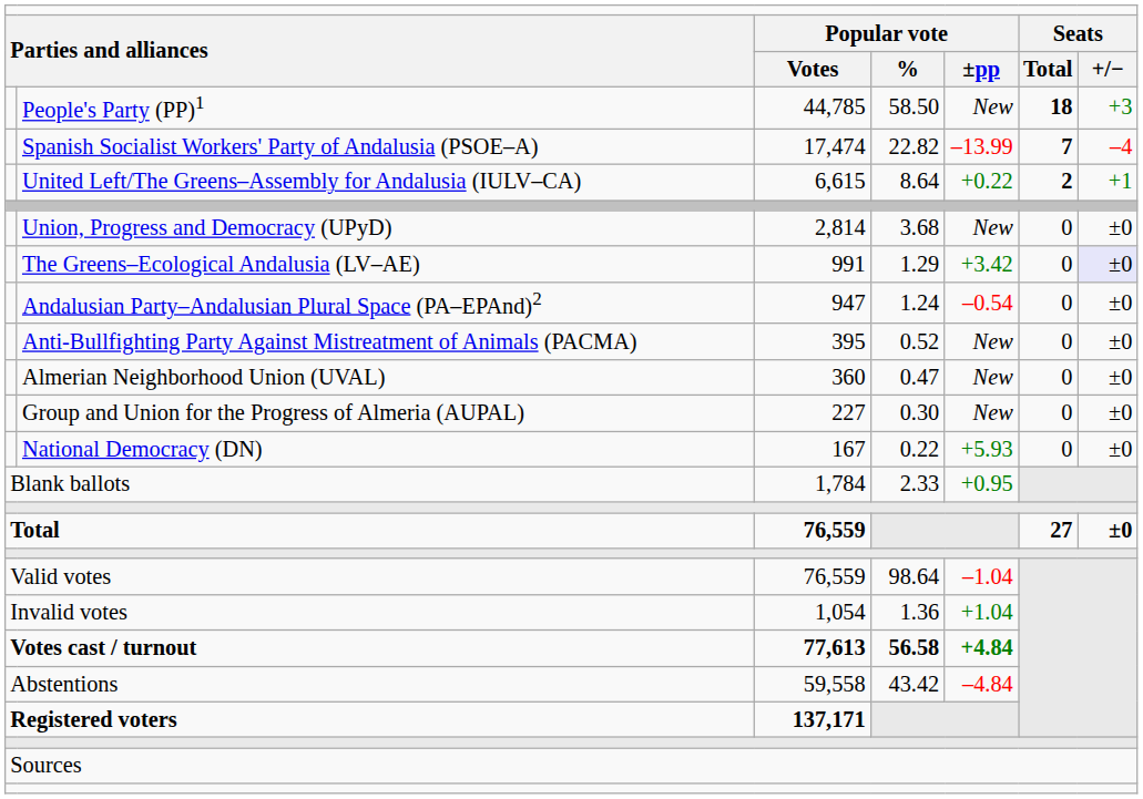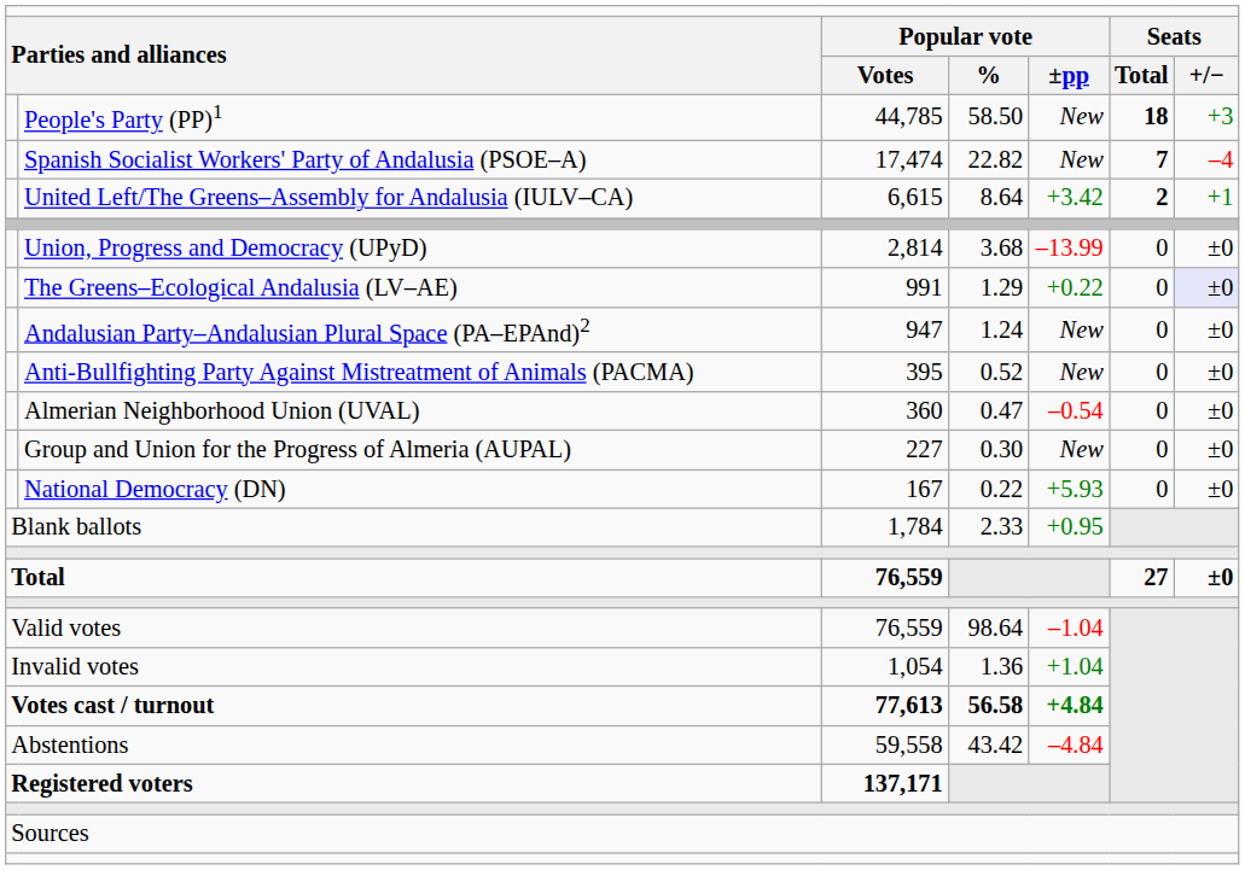 <table class="wikitable" style="text-align:right;">
 <tr>
 <td colspan="7"></td>
 </tr>
 <tr>
 <th style="text-align:left;" rowspan="2" colspan="2" width="525">Parties and alliances</th>
 <th colspan="3">Popular vote</th>
 <th colspan="2">Seats</th>
 </tr>
 <tr>
 <th width="75">Votes</th>
 <th width="45">%</th>
 <th width="45">±<a href='#'>pp</a></th>
 <th width="35">Total</th>
 <th width="35">+/−</th>
 </tr>
 <tr>
 <td width="1" style="color:inherit;background:"></td>
 <td align="left"><a href='#'>People's Party</a> (PP)<sup>1</sup></td>
 <td>44,785</td>
 <td>58.50</td>
 <td><em>New</em></td>
 <td><strong>18</strong></td>
 <td style="color:green;">+3</td>
 </tr>
 <tr>
 <td style="color:inherit;background:"></td>
 <td align="left"><a href='#'>Spanish Socialist Workers' Party of Andalusia</a> (PSOE–A)</td>
 <td>17,474</td>
 <td>22.82</td>
-<td style="color:red;">–13.99</td>
+<td><em>New</em></td>
 <td><strong>7</strong></td>
 <td style="color:red;">–4</td>
 </tr>
 <tr>
 <td style="color:inherit;background:"></td>
 <td align="left"><a href='#'>United Left/The Greens–Assembly for Andalusia</a> (IULV–CA)</td>
 <td>6,615</td>
 <td>8.64</td>
-<td style="color:green;">+0.22</td>
+<td style="color:green;">+3.42</td>
 <td><strong>2</strong></td>
 <td style="color:green;">+1</td>
 </tr>
 <tr>
 <td colspan="7" bgcolor="#C0C0C0"></td>
 </tr>
 <tr>
 <td style="color:inherit;background:"></td>
 <td align="left"><a href='#'>Union, Progress and Democracy</a> (UPyD)</td>
 <td>2,814</td>
 <td>3.68</td>
-<td><em>New</em></td>
+<td style="color:red;">–13.99</td>
 <td>0</td>
 <td>±0</td>
 </tr>
 <tr>
 <td style="color:inherit;background:"></td>
 <td align="left"><a href='#'>The Greens–Ecological Andalusia</a> (LV–AE)</td>
 <td>991</td>
 <td>1.29</td>
-<td style="color:green;">+3.42</td>
+<td style="color:green;">+0.22</td>
 <td>0</td>
 <td style="background: lavender;">±0</td>
 </tr>
 <tr>
 <td style="color:inherit;background:"></td>
 <td align="left"><a href='#'>Andalusian Party–Andalusian Plural Space</a> (PA–EPAnd)<sup>2</sup></td>
 <td>947</td>
 <td>1.24</td>
-<td style="color:red;">–0.54</td>
+<td><em>New</em></td>
 <td>0</td>
 <td>±0</td>
 </tr>
 <tr>
 <td style="color:inherit;background:"></td>
 <td align="left"><a href='#'>Anti-Bullfighting Party Against Mistreatment of Animals</a> (PACMA)</td>
 <td>395</td>
 <td>0.52</td>
 <td><em>New</em></td>
 <td>0</td>
 <td>±0</td>
 </tr>
 <tr>
 <td style="color:inherit;background:"></td>
 <td align="left">Almerian Neighborhood Union (UVAL)</td>
 <td>360</td>
 <td>0.47</td>
-<td><em>New</em></td>
+<td style="color:red;">–0.54</td>
 <td>0</td>
 <td>±0</td>
 </tr>
 <tr>
 <td style="color:inherit;background:"></td>
 <td align="left">Group and Union for the Progress of Almeria (AUPAL)</td>
 <td>227</td>
 <td>0.30</td>
 <td><em>New</em></td>
 <td>0</td>
 <td>±0</td>
 </tr>
 <tr>
 <td style="color:inherit;background:"></td>
 <td align="left"><a href='#'>National Democracy</a> (DN)</td>
 <td>167</td>
 <td>0.22</td>
 <td style="color:green;">+5.93</td>
 <td>0</td>
 <td>±0</td>
 </tr>
 <tr>
 <td align="left" colspan="2">Blank ballots</td>
 <td>1,784</td>
 <td>2.33</td>
 <td style="color:green;">+0.95</td>
 <td bgcolor="#E9E9E9" colspan="2"></td>
 </tr>
 <tr>
 <td colspan="7" bgcolor="#E9E9E9"></td>
 </tr>
 <tr style="font-weight:bold;">
 <td align="left" colspan="2">Total</td>
 <td>76,559</td>
 <td bgcolor="#E9E9E9" colspan="2"></td>
 <td>27</td>
 <td>±0</td>
 </tr>
 <tr>
 <td colspan="7" bgcolor="#E9E9E9"></td>
 </tr>
 <tr>
 <td align="left" colspan="2">Valid votes</td>
 <td>76,559</td>
 <td>98.64</td>
 <td style="color:red;">–1.04</td>
 <td bgcolor="#E9E9E9" colspan="2" rowspan="5"></td>
 </tr>
 <tr>
 <td align="left" colspan="2">Invalid votes</td>
 <td>1,054</td>
 <td>1.36</td>
 <td style="color:green;">+1.04</td>
 </tr>
 <tr style="font-weight:bold;">
 <td align="left" colspan="2">Votes cast / turnout</td>
 <td>77,613</td>
 <td>56.58</td>
 <td style="color:green;">+4.84</td>
 </tr>
 <tr>
 <td align="left" colspan="2">Abstentions</td>
 <td>59,558</td>
 <td>43.42</td>
 <td style="color:red;">–4.84</td>
 </tr>
 <tr style="font-weight:bold;">
 <td align="left" colspan="2">Registered voters</td>
 <td>137,171</td>
 <td bgcolor="#E9E9E9" colspan="2"></td>
 </tr>
 <tr>
 <td colspan="7" bgcolor="#E9E9E9"></td>
 </tr>
 <tr>
 <td align="left" colspan="7">Sources</td>
 </tr>
 <tr>
 <td colspan="7" style="text-align:left; max-width:790px;"></td>
 </tr>
 </table>
